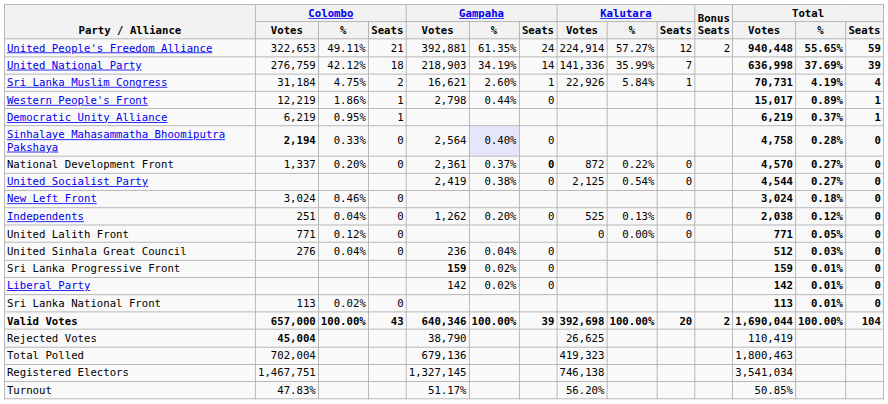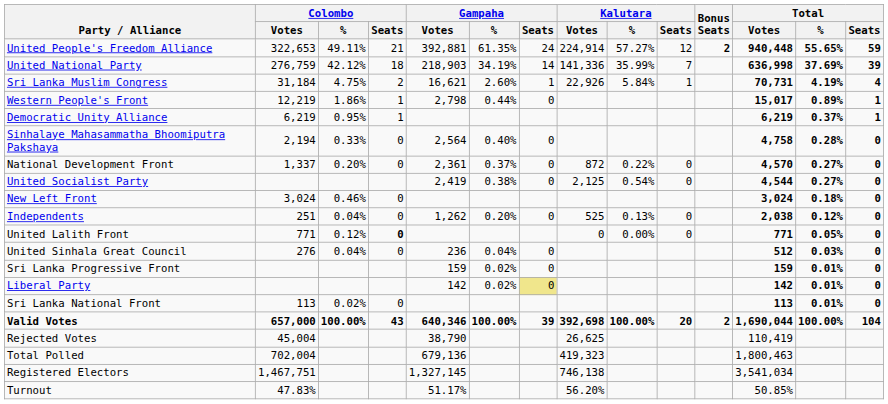 <table class="wikitable" border="1" style="text-align:right;">
 <tr>
 <th valign=bottom rowspan=2 width="300">Party / Alliance</th>
 <th colspan=3><a href='#'>Colombo</a></th>
 <th colspan=3><a href='#'>Gampaha</a></th>
 <th colspan=3><a href='#'>Kalutara</a></th>
 <th valign=bottom rowspan=2 width="40">Bonus<br>Seats</th>
 <th colspan=3>Total</th>
 </tr>
 <tr>
 <th align=center valign=bottom width="50">Votes</th>
 <th align=center valign=bottom width="50">%</th>
 <th align=center valign=bottom width="40">Seats</th>
 <th align=center valign=bottom width="50">Votes</th>
 <th align=center valign=bottom width="50">%</th>
 <th align=center valign=bottom width="40">Seats</th>
 <th align=center valign=bottom width="50">Votes</th>
 <th align=center valign=bottom width="50">%</th>
 <th align=center valign=bottom width="40">Seats</th>
 <th align=center valign=bottom width="50">Votes</th>
 <th align=center valign=bottom width="50">%</th>
 <th align=center valign=bottom width="40">Seats</th>
 </tr>
 <tr>
 <td align=left><a href='#'>United People's Freedom Alliance</a></td>
 <td>322,653</td>
 <td>49.11%</td>
 <td>21</td>
 <td>392,881</td>
 <td>61.35%</td>
 <td>24</td>
 <td>224,914</td>
 <td>57.27%</td>
 <td>12</td>
-<td>2</td>
+<td><strong>2</strong></td>
 <td><strong>940,448</strong></td>
 <td><strong>55.65%</strong></td>
 <td><strong>59</strong></td>
 </tr>
 <tr>
 <td align=left><a href='#'>United National Party</a></td>
 <td>276,759</td>
 <td>42.12%</td>
 <td>18</td>
 <td>218,903</td>
 <td>34.19%</td>
 <td>14</td>
 <td>141,336</td>
 <td>35.99%</td>
 <td>7</td>
 <td></td>
 <td><strong>636,998</strong></td>
 <td><strong>37.69%</strong></td>
 <td><strong>39</strong></td>
 </tr>
 <tr>
 <td align=left><a href='#'>Sri Lanka Muslim Congress</a></td>
 <td>31,184</td>
 <td>4.75%</td>
 <td>2</td>
 <td>16,621</td>
 <td>2.60%</td>
 <td>1</td>
 <td>22,926</td>
 <td>5.84%</td>
 <td>1</td>
 <td></td>
 <td><strong>70,731</strong></td>
 <td><strong>4.19%</strong></td>
 <td><strong>4</strong></td>
 </tr>
 <tr>
 <td align=left><a href='#'>Western People's Front</a></td>
 <td>12,219</td>
 <td>1.86%</td>
 <td>1</td>
 <td>2,798</td>
 <td>0.44%</td>
 <td>0</td>
 <td></td>
 <td></td>
 <td></td>
 <td></td>
 <td><strong>15,017</strong></td>
 <td><strong>0.89%</strong></td>
 <td><strong>1</strong></td>
 </tr>
 <tr>
 <td align=left><a href='#'>Democratic Unity Alliance</a></td>
 <td>6,219</td>
 <td>0.95%</td>
 <td>1</td>
 <td></td>
 <td></td>
 <td></td>
 <td></td>
 <td></td>
 <td></td>
 <td></td>
 <td><strong>6,219</strong></td>
 <td><strong>0.37%</strong></td>
 <td><strong>1</strong></td>
 </tr>
 <tr>
 <td align=left><a href='#'>Sinhalaye Mahasammatha Bhoomiputra Pakshaya</a></td>
-<td><strong>2,194</strong></td>
+<td>2,194</td>
 <td>0.33%</td>
 <td>0</td>
 <td>2,564</td>
-<td style="background: lavender;">0.40%</td>
+<td>0.40%</td>
 <td>0</td>
 <td></td>
 <td></td>
 <td></td>
 <td></td>
 <td><strong>4,758</strong></td>
 <td><strong>0.28%</strong></td>
 <td><strong>0</strong></td>
 </tr>
 <tr>
 <td align=left>National Development Front</td>
 <td>1,337</td>
 <td>0.20%</td>
 <td>0</td>
 <td>2,361</td>
 <td>0.37%</td>
-<td><strong>0</strong></td>
+<td>0</td>
 <td>872</td>
 <td>0.22%</td>
 <td>0</td>
 <td></td>
 <td><strong>4,570</strong></td>
 <td><strong>0.27%</strong></td>
 <td><strong>0</strong></td>
 </tr>
 <tr>
 <td align=left><a href='#'>United Socialist Party</a></td>
 <td></td>
 <td></td>
 <td></td>
 <td>2,419</td>
 <td>0.38%</td>
 <td>0</td>
 <td>2,125</td>
 <td>0.54%</td>
 <td>0</td>
 <td></td>
 <td><strong>4,544</strong></td>
 <td><strong>0.27%</strong></td>
 <td><strong>0</strong></td>
 </tr>
 <tr>
 <td align=left><a href='#'>New Left Front</a></td>
 <td>3,024</td>
 <td>0.46%</td>
 <td>0</td>
 <td></td>
 <td></td>
 <td></td>
 <td></td>
 <td></td>
 <td></td>
 <td></td>
 <td><strong>3,024</strong></td>
 <td><strong>0.18%</strong></td>
 <td><strong>0</strong></td>
 </tr>
 <tr>
 <td align=left><a href='#'>Independents</a></td>
 <td>251</td>
 <td>0.04%</td>
 <td>0</td>
 <td>1,262</td>
 <td>0.20%</td>
 <td>0</td>
 <td>525</td>
 <td>0.13%</td>
 <td>0</td>
 <td></td>
 <td><strong>2,038</strong></td>
 <td><strong>0.12%</strong></td>
 <td><strong>0</strong></td>
 </tr>
 <tr>
 <td align=left>United Lalith Front</td>
 <td>771</td>
 <td>0.12%</td>
-<td>0</td>
+<td><strong>0</strong></td>
 <td></td>
 <td></td>
 <td></td>
 <td>0</td>
 <td>0.00%</td>
 <td>0</td>
 <td></td>
 <td><strong>771</strong></td>
 <td><strong>0.05%</strong></td>
 <td><strong>0</strong></td>
 </tr>
 <tr>
 <td align=left>United Sinhala Great Council</td>
 <td>276</td>
 <td>0.04%</td>
 <td>0</td>
 <td>236</td>
 <td>0.04%</td>
 <td>0</td>
 <td></td>
 <td></td>
 <td></td>
 <td></td>
 <td><strong>512</strong></td>
 <td><strong>0.03%</strong></td>
 <td><strong>0</strong></td>
 </tr>
 <tr>
 <td align=left>Sri Lanka Progressive Front</td>
 <td></td>
 <td></td>
 <td></td>
-<td><strong>159</strong></td>
+<td>159</td>
 <td>0.02%</td>
 <td>0</td>
 <td></td>
 <td></td>
 <td></td>
 <td></td>
 <td><strong>159</strong></td>
 <td><strong>0.01%</strong></td>
 <td><strong>0</strong></td>
 </tr>
 <tr>
 <td align=left><a href='#'>Liberal Party</a></td>
 <td></td>
 <td></td>
 <td></td>
 <td>142</td>
 <td>0.02%</td>
-<td>0</td>
+<td style="background: khaki;">0</td>
 <td></td>
 <td></td>
 <td></td>
 <td></td>
 <td><strong>142</strong></td>
 <td><strong>0.01%</strong></td>
 <td><strong>0</strong></td>
 </tr>
 <tr>
 <td align=left>Sri Lanka National Front</td>
 <td>113</td>
 <td>0.02%</td>
 <td>0</td>
 <td></td>
 <td></td>
 <td></td>
 <td></td>
 <td></td>
 <td></td>
 <td></td>
 <td><strong>113</strong></td>
 <td><strong>0.01%</strong></td>
 <td><strong>0</strong></td>
 </tr>
 <tr>
 <td align=left><strong>Valid Votes</strong></td>
 <td><strong>657,000</strong></td>
 <td><strong>100.00%</strong></td>
 <td><strong>43</strong></td>
 <td><strong>640,346</strong></td>
 <td><strong>100.00%</strong></td>
 <td><strong>39</strong></td>
 <td><strong>392,698</strong></td>
 <td><strong>100.00%</strong></td>
 <td><strong>20</strong></td>
 <td><strong>2</strong></td>
 <td><strong>1,690,044</strong></td>
 <td><strong>100.00%</strong></td>
 <td><strong>104</strong></td>
 </tr>
 <tr>
 <td align=left>Rejected Votes</td>
-<td><strong>45,004</strong></td>
+<td>45,004</td>
 <td></td>
 <td></td>
 <td>38,790</td>
 <td></td>
 <td></td>
 <td>26,625</td>
 <td></td>
 <td></td>
 <td></td>
 <td>110,419</td>
 <td></td>
 <td></td>
 </tr>
 <tr>
 <td align=left>Total Polled</td>
 <td>702,004</td>
 <td></td>
 <td></td>
 <td>679,136</td>
 <td></td>
 <td></td>
 <td>419,323</td>
 <td></td>
 <td></td>
 <td></td>
 <td>1,800,463</td>
 <td></td>
 <td></td>
 </tr>
 <tr>
 <td align=left>Registered Electors</td>
 <td>1,467,751</td>
 <td></td>
 <td></td>
 <td>1,327,145</td>
 <td></td>
 <td></td>
 <td>746,138</td>
 <td></td>
 <td></td>
 <td></td>
 <td>3,541,034</td>
 <td></td>
 <td></td>
 </tr>
 <tr>
 <td align=left>Turnout</td>
 <td>47.83%</td>
 <td></td>
 <td></td>
 <td>51.17%</td>
 <td></td>
 <td></td>
 <td>56.20%</td>
 <td></td>
 <td></td>
 <td></td>
 <td>50.85%</td>
 <td></td>
 <td></td>
 </tr>
 </table>
